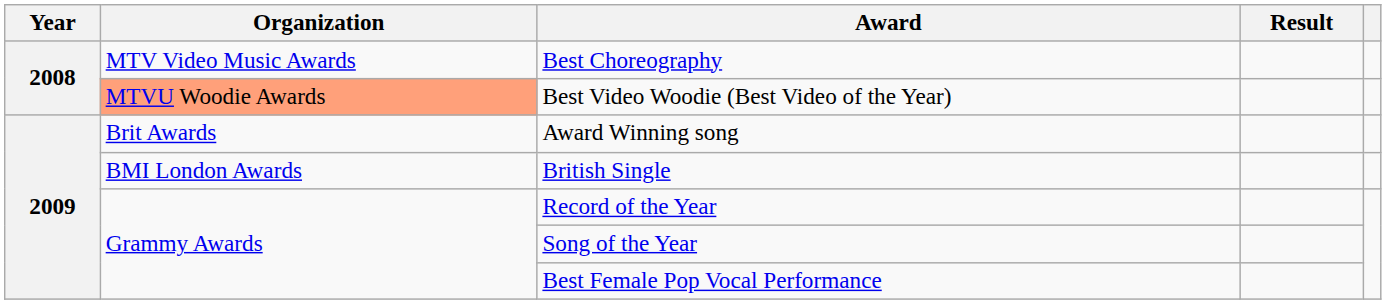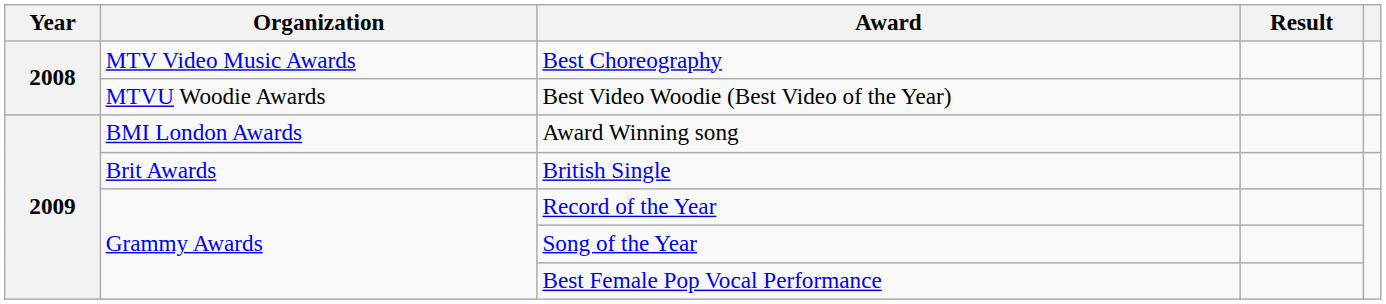 <table class="wikitable sortable plainrowheaders" style="width: 60%;">
 <tr>
 <th scope="col">Year</th>
 <th scope="col">Organization</th>
 <th scope="col">Award</th>
 <th scope="col">Result</th>
 <th scope="col" class="unsortable"></th>
 </tr>
 <tr>
 <th rowspan="2" scope="row">2008</th>
 <td><a href='#'>MTV Video Music Awards</a></td>
 <td><a href='#'>Best Choreography</a></td>
 <td></td>
 <td style="text-align:center;"></td>
 </tr>
 <tr>
-<td style="background: lightsalmon;"><a href='#'>MTVU</a> Woodie Awards</td>
+<td><a href='#'>MTVU</a> Woodie Awards</td>
 <td>Best Video Woodie (Best Video of the Year)</td>
 <td></td>
 <td style="text-align:center;"></td>
 </tr>
 <tr>
 <th rowspan="5" scope="row">2009</th>
-<td><a href='#'>Brit Awards</a></td>
+<td><a href='#'>BMI London Awards</a></td>
 <td>Award Winning song</td>
 <td></td>
 <td style="text-align:center;"></td>
 </tr>
 <tr>
-<td><a href='#'>BMI London Awards</a></td>
+<td><a href='#'>Brit Awards</a></td>
 <td><a href='#'>British Single</a></td>
 <td></td>
 <td rowspan="1" style="text-align:center;"></td>
 </tr>
 <tr>
 <td rowspan="3"><a href='#'>Grammy Awards</a></td>
 <td><a href='#'>Record of the Year</a></td>
 <td></td>
 <td rowspan="3" style="text-align:center;"></td>
 </tr>
 <tr>
 <td><a href='#'>Song of the Year</a></td>
 <td></td>
 </tr>
 <tr>
 <td><a href='#'>Best Female Pop Vocal Performance</a></td>
 <td></td>
 </tr>
 </table>
